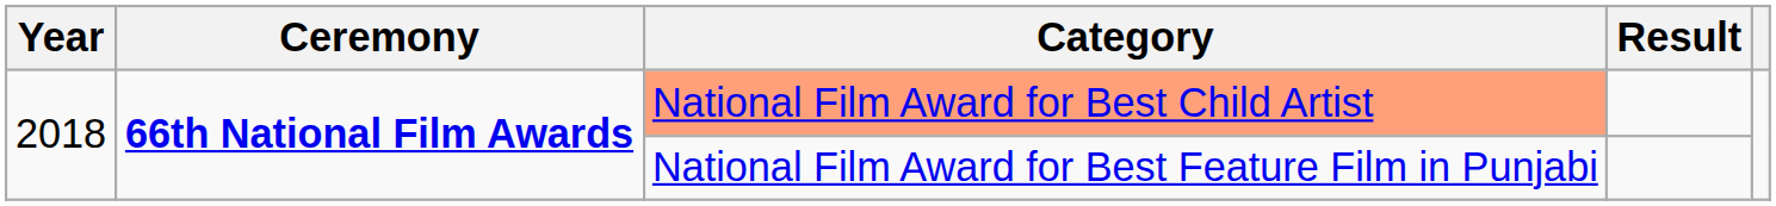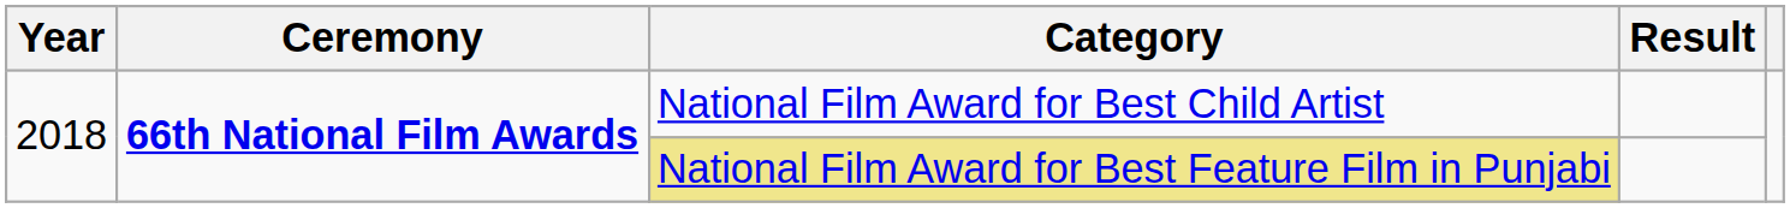 <table class="wikitable">
 <tr>
 <th>Year</th>
 <th>Ceremony</th>
 <th>Category</th>
 <th>Result</th>
 <th></th>
 </tr>
 <tr>
 <td rowspan="2">2018</td>
 <td rowspan="2"><strong><a href='#'>66th National Film Awards</a></strong></td>
-<td style="background: lightsalmon;"><a href='#'>National Film Award for Best Child Artist</a></td>
+<td><a href='#'>National Film Award for Best Child Artist</a></td>
 <td></td>
 <td rowspan="2"></td>
 </tr>
 <tr>
-<td><a href='#'>National Film Award for Best Feature Film in Punjabi</a></td>
+<td style="background: khaki;"><a href='#'>National Film Award for Best Feature Film in Punjabi</a></td>
 <td></td>
 </tr>
 </table>
